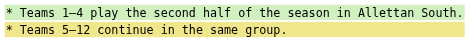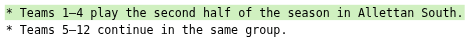 <table>
 <tr style="background: #D0F0C0;">
 <td>* Teams 1–4 play the second half of the season in Allettan South.</td>
 </tr>
 <tr>
-<td style="background: khaki;">* Teams 5–12 continue in the same group.</td>
+<td>* Teams 5–12 continue in the same group.</td>
 </tr>
 </table>
